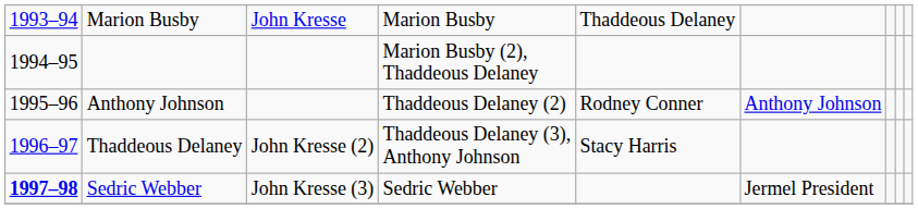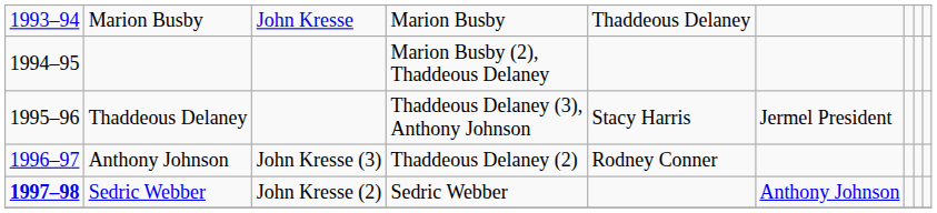 <table class="wikitable">
 <tr>
 <td><a href='#'>1993–94</a></td>
 <td>Marion Busby</td>
 <td><a href='#'>John Kresse</a></td>
 <td>Marion Busby</td>
 <td>Thaddeous Delaney</td>
 <td></td>
 <td></td>
 <td></td>
 <td></td>
 </tr>
 <tr>
 <td>1994–95</td>
 <td></td>
 <td></td>
 <td>Marion Busby (2),<br>Thaddeous Delaney</td>
 <td></td>
 <td></td>
 <td></td>
 <td></td>
 <td></td>
 </tr>
 <tr>
 <td>1995–96</td>
-<td>Anthony Johnson</td>
+<td>Thaddeous Delaney</td>
 <td></td>
-<td>Thaddeous Delaney (2)</td>
-<td>Rodney Conner</td>
-<td><a href='#'>Anthony Johnson</a></td>
+<td>Thaddeous Delaney (3),<br>Anthony Johnson</td>
+<td>Stacy Harris</td>
+<td>Jermel President</td>
 <td></td>
 <td></td>
 <td></td>
 </tr>
 <tr>
 <td><a href='#'>1996–97</a></td>
-<td>Thaddeous Delaney</td>
-<td>John Kresse (2)</td>
-<td>Thaddeous Delaney (3),<br>Anthony Johnson</td>
-<td>Stacy Harris</td>
+<td>Anthony Johnson</td>
+<td>John Kresse (3)</td>
+<td>Thaddeous Delaney (2)</td>
+<td>Rodney Conner</td>
 <td></td>
 <td></td>
 <td></td>
 <td></td>
 </tr>
 <tr>
 <td><strong><a href='#'>1997–98</a></strong></td>
 <td><a href='#'>Sedric Webber</a></td>
-<td>John Kresse (3)</td>
+<td>John Kresse (2)</td>
 <td>Sedric Webber</td>
 <td></td>
-<td>Jermel President</td>
+<td><a href='#'>Anthony Johnson</a></td>
 <td></td>
 <td></td>
 <td></td>
 </tr>
 <tr>
 </tr>
 </table>
